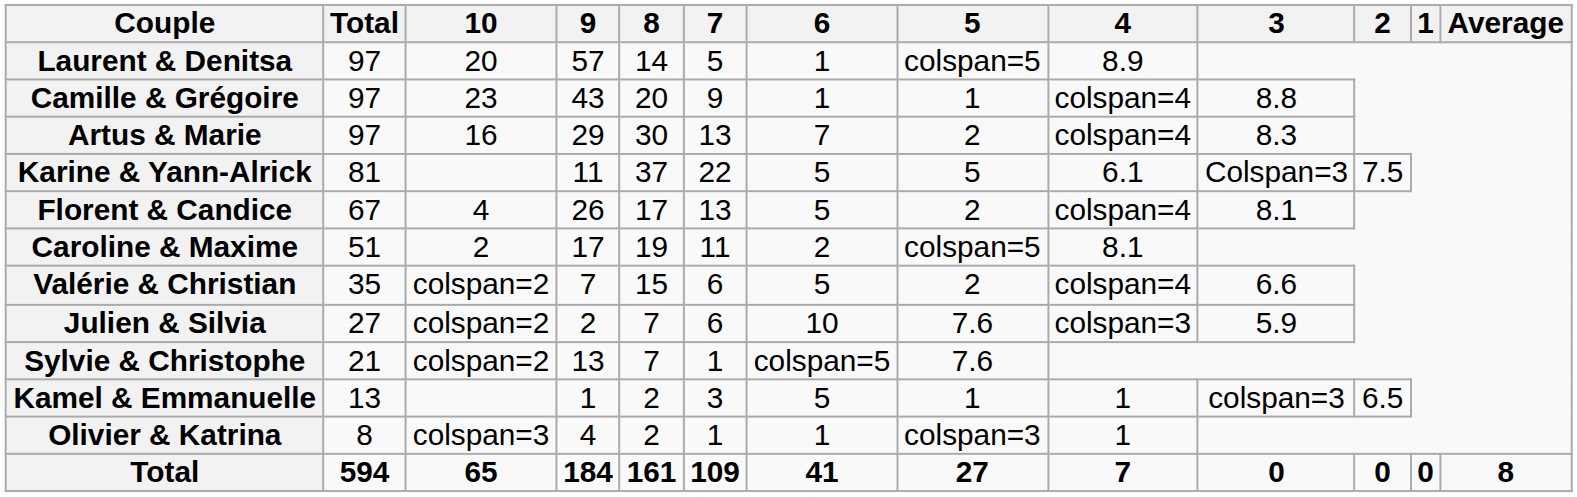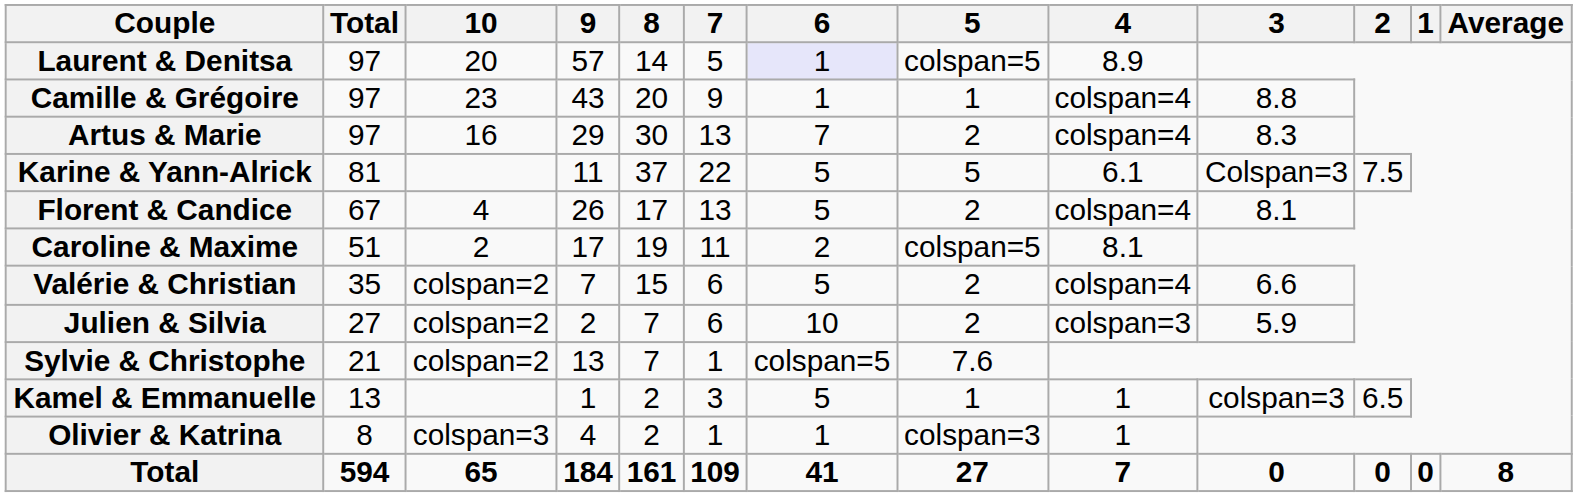 <table class="wikitable sortable collapsible" style="margin:auto; font-size:95%; line-height:12px; text-align:center">
 <tr>
 <th>Couple</th>
 <th>Total</th>
 <th>10</th>
 <th>9</th>
 <th>8</th>
 <th>7</th>
 <th>6</th>
 <th>5</th>
 <th>4</th>
 <th>3</th>
 <th>2</th>
 <th>1</th>
 <th>Average</th>
 </tr>
 <tr>
 <th>Laurent & Denitsa</th>
 <td>97</td>
 <td>20</td>
 <td>57</td>
 <td>14</td>
 <td>5</td>
-<td>1</td>
+<td style="background: lavender;">1</td>
 <td>colspan=5 </td>
 <td>8.9</td>
 </tr>
 <tr>
 <th>Camille & Grégoire</th>
 <td>97</td>
 <td>23</td>
 <td>43</td>
 <td>20</td>
 <td>9</td>
 <td>1</td>
 <td>1</td>
 <td>colspan=4 </td>
 <td>8.8</td>
 </tr>
 <tr>
 <th>Artus & Marie</th>
 <td>97</td>
 <td>16</td>
 <td>29</td>
 <td>30</td>
 <td>13</td>
 <td>7</td>
 <td>2</td>
 <td>colspan=4 </td>
 <td>8.3</td>
 </tr>
 <tr>
 <th>Karine & Yann-Alrick</th>
 <td>81</td>
 <td></td>
 <td>11</td>
 <td>37</td>
 <td>22</td>
 <td>5</td>
 <td>5</td>
 <td>6.1</td>
 <td>Colspan=3 </td>
 <td>7.5</td>
 </tr>
 <tr>
 <th>Florent & Candice</th>
 <td>67</td>
 <td>4</td>
 <td>26</td>
 <td>17</td>
 <td>13</td>
 <td>5</td>
 <td>2</td>
 <td>colspan=4 </td>
 <td>8.1</td>
 </tr>
 <tr>
 <th>Caroline & Maxime</th>
 <td>51</td>
 <td>2</td>
 <td>17</td>
 <td>19</td>
 <td>11</td>
 <td>2</td>
 <td>colspan=5 </td>
 <td>8.1</td>
 </tr>
 <tr>
 <th>Valérie & Christian</th>
 <td>35</td>
 <td>colspan=2 </td>
 <td>7</td>
 <td>15</td>
 <td>6</td>
 <td>5</td>
 <td>2</td>
 <td>colspan=4 </td>
 <td>6.6</td>
 </tr>
 <tr>
 <th>Julien & Silvia</th>
 <td>27</td>
 <td>colspan=2 </td>
 <td>2</td>
 <td>7</td>
 <td>6</td>
 <td>10</td>
-<td>7.6</td>
+<td>2</td>
 <td>colspan=3 </td>
 <td>5.9</td>
 </tr>
 <tr>
 <th>Sylvie & Christophe</th>
 <td>21</td>
 <td>colspan=2 </td>
 <td>13</td>
 <td>7</td>
 <td>1</td>
 <td>colspan=5 </td>
 <td>7.6</td>
 </tr>
 <tr>
 <th>Kamel & Emmanuelle</th>
 <td>13</td>
 <td></td>
 <td>1</td>
 <td>2</td>
 <td>3</td>
 <td>5</td>
 <td>1</td>
 <td>1</td>
 <td>colspan=3 </td>
 <td>6.5</td>
 </tr>
 <tr>
 <th>Olivier & Katrina</th>
 <td>8</td>
 <td>colspan=3 </td>
 <td>4</td>
 <td>2</td>
 <td>1</td>
 <td>1</td>
 <td>colspan=3 </td>
 <td>1</td>
 </tr>
 <tr>
 <th>Total</th>
 <td><strong>594</strong></td>
 <td><strong>65</strong></td>
 <td><strong>184</strong></td>
 <td><strong>161</strong></td>
 <td><strong>109</strong></td>
 <td><strong>41</strong></td>
 <td><strong>27</strong></td>
 <td><strong>7</strong></td>
 <td><strong>0</strong></td>
 <td><strong>0</strong></td>
 <td><strong>0</strong></td>
 <td><strong>8</strong></td>
 </tr>
 </table>
